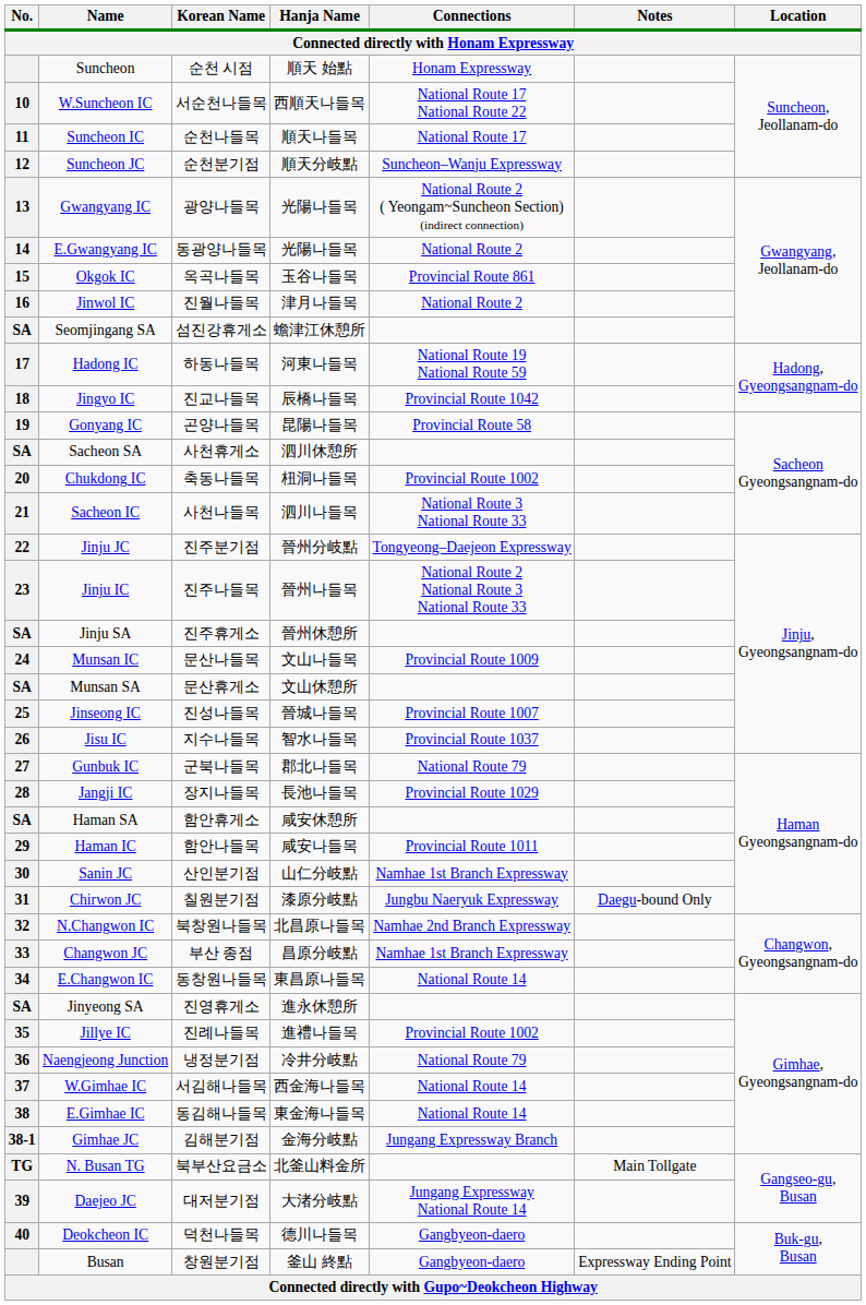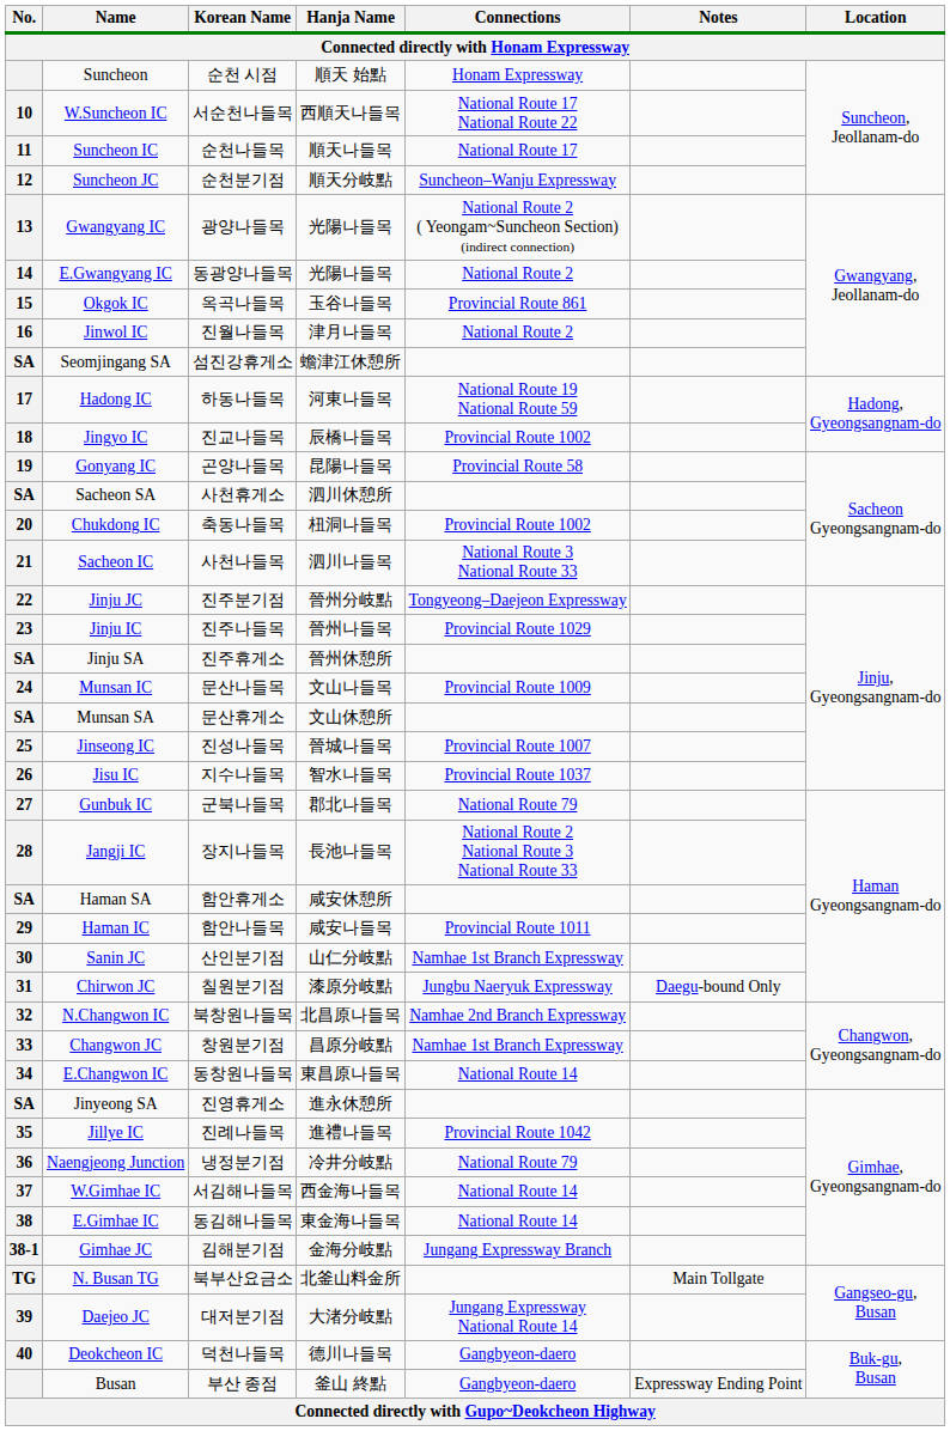 <table class="wikitable" style="font-size: 85%; text-align: center;">
 <tr style="border-bottom:solid 0.25em green;">
 <th>No.</th>
 <th>Name</th>
 <th>Korean Name</th>
 <th>Hanja Name</th>
 <th>Connections</th>
 <th>Notes</th>
 <th>Location</th>
 </tr>
 <tr>
 <th colspan="7">Connected directly with  <a href='#'>Honam Expressway</a></th>
 </tr>
 <tr>
 <th></th>
 <td>Suncheon</td>
 <td>순천 시점</td>
 <td>順天 始點</td>
 <td> <a href='#'>Honam Expressway</a></td>
 <td></td>
 <td rowspan="4"><a href='#'>Suncheon</a>,<br> Jeollanam-do</td>
 </tr>
 <tr>
 <th>10</th>
 <td><a href='#'>W.Suncheon IC</a></td>
 <td>서순천나들목</td>
 <td>西順天나들목</td>
 <td> <a href='#'>National Route 17</a><br> <a href='#'>National Route 22</a></td>
 <td></td>
 </tr>
 <tr>
 <th>11</th>
 <td><a href='#'>Suncheon IC</a></td>
 <td>순천나들목</td>
 <td>順天나들목</td>
 <td> <a href='#'>National Route 17</a></td>
 <td></td>
 </tr>
 <tr>
 <th>12</th>
 <td><a href='#'>Suncheon JC</a></td>
 <td>순천분기점</td>
 <td>順天分岐點</td>
 <td> <a href='#'>Suncheon–Wanju Expressway</a></td>
 <td></td>
 </tr>
 <tr>
 <th>13</th>
 <td><a href='#'>Gwangyang IC</a></td>
 <td>광양나들목</td>
 <td>光陽나들목</td>
 <td> <a href='#'>National Route 2</a><br>( Yeongam~Suncheon Section)<br><small>(indirect connection)</small></td>
 <td></td>
 <td rowspan="5"><a href='#'>Gwangyang</a>,<br>Jeollanam-do</td>
 </tr>
 <tr>
 <th>14</th>
 <td><a href='#'>E.Gwangyang IC</a></td>
 <td>동광양나들목</td>
 <td>光陽나들목</td>
 <td> <a href='#'>National Route 2</a></td>
 <td></td>
 </tr>
 <tr>
 <th>15</th>
 <td><a href='#'>Okgok IC</a></td>
 <td>옥곡나들목</td>
 <td>玉谷나들목</td>
 <td><a href='#'>Provincial Route 861</a></td>
 <td></td>
 </tr>
 <tr>
 <th>16</th>
 <td><a href='#'>Jinwol IC</a></td>
 <td>진월나들목</td>
 <td>津月나들목</td>
 <td> <a href='#'>National Route 2</a></td>
 <td></td>
 </tr>
 <tr>
 <th>SA</th>
 <td>Seomjingang SA</td>
 <td>섬진강휴게소</td>
 <td>蟾津江休憩所</td>
 <td></td>
 <td></td>
 </tr>
 <tr>
 <th>17</th>
 <td><a href='#'>Hadong IC</a></td>
 <td>하동나들목</td>
 <td>河東나들목</td>
 <td> <a href='#'>National Route 19</a><br> <a href='#'>National Route 59</a></td>
 <td></td>
 <td rowspan="2"><a href='#'>Hadong</a>,<br><a href='#'>Gyeongsangnam-do</a></td>
 </tr>
 <tr>
 <th>18</th>
 <td><a href='#'>Jingyo IC</a></td>
 <td>진교나들목</td>
 <td>辰橋나들목</td>
-<td><a href='#'>Provincial Route 1042</a></td>
+<td><a href='#'>Provincial Route 1002</a></td>
 <td></td>
 </tr>
 <tr>
 <th>19</th>
 <td><a href='#'>Gonyang IC</a></td>
 <td>곤양나들목</td>
 <td>昆陽나들목</td>
 <td><a href='#'>Provincial Route 58</a></td>
 <td></td>
 <td rowspan="4"><a href='#'>Sacheon</a><br>Gyeongsangnam-do</td>
 </tr>
 <tr>
 <th>SA</th>
 <td>Sacheon SA</td>
 <td>사천휴게소</td>
 <td>泗川休憩所</td>
 <td></td>
 <td></td>
 </tr>
 <tr>
 <th>20</th>
 <td><a href='#'>Chukdong IC</a></td>
 <td>축동나들목</td>
 <td>杻洞나들목</td>
 <td><a href='#'>Provincial Route 1002</a></td>
 <td></td>
 </tr>
 <tr>
 <th>21</th>
 <td><a href='#'>Sacheon IC</a></td>
 <td>사천나들목</td>
 <td>泗川나들목</td>
 <td> <a href='#'>National Route 3</a><br> <a href='#'>National Route 33</a></td>
 <td></td>
 </tr>
 <tr>
 <th>22</th>
 <td><a href='#'>Jinju JC</a></td>
 <td>진주분기점</td>
 <td>晉州分岐點</td>
 <td> <a href='#'>Tongyeong–Daejeon Expressway</a></td>
 <td></td>
 <td rowspan="7"><a href='#'>Jinju</a>,<br>Gyeongsangnam-do</td>
 </tr>
 <tr>
 <th>23</th>
 <td><a href='#'>Jinju IC</a></td>
 <td>진주나들목</td>
 <td>晉州나들목</td>
-<td> <a href='#'>National Route 2</a><br> <a href='#'>National Route 3</a><br> <a href='#'>National Route 33</a></td>
+<td><a href='#'>Provincial Route 1029</a></td>
 <td></td>
 </tr>
 <tr>
 <th>SA</th>
 <td>Jinju SA</td>
 <td>진주휴게소</td>
 <td>晉州休憩所</td>
 <td></td>
 <td></td>
 </tr>
 <tr>
 <th>24</th>
 <td><a href='#'>Munsan IC</a></td>
 <td>문산나들목</td>
 <td>文山나들목</td>
 <td><a href='#'>Provincial Route 1009</a></td>
 <td></td>
 </tr>
 <tr>
 <th>SA</th>
 <td>Munsan SA</td>
 <td>문산휴게소</td>
 <td>文山休憩所</td>
 <td></td>
 <td></td>
 </tr>
 <tr>
 <th>25</th>
 <td><a href='#'>Jinseong IC</a></td>
 <td>진성나들목</td>
 <td>晉城나들목</td>
 <td><a href='#'>Provincial Route 1007</a></td>
 <td></td>
 </tr>
 <tr>
 <th>26</th>
 <td><a href='#'>Jisu IC</a></td>
 <td>지수나들목</td>
 <td>智水나들목</td>
 <td><a href='#'>Provincial Route 1037</a></td>
 <td></td>
 </tr>
 <tr>
 <th>27</th>
 <td><a href='#'>Gunbuk IC</a></td>
 <td>군북나들목</td>
 <td>郡北나들목</td>
 <td> <a href='#'>National Route 79</a></td>
 <td></td>
 <td rowspan="6"><a href='#'>Haman</a><br>Gyeongsangnam-do</td>
 </tr>
 <tr>
 <th>28</th>
 <td><a href='#'>Jangji IC</a></td>
 <td>장지나들목</td>
 <td>長池나들목</td>
-<td><a href='#'>Provincial Route 1029</a></td>
+<td> <a href='#'>National Route 2</a><br> <a href='#'>National Route 3</a><br> <a href='#'>National Route 33</a></td>
 <td></td>
 </tr>
 <tr>
 <th>SA</th>
 <td>Haman SA</td>
 <td>함안휴게소</td>
 <td>咸安休憩所</td>
 <td></td>
 <td></td>
 </tr>
 <tr>
 <th>29</th>
 <td><a href='#'>Haman IC</a></td>
 <td>함안나들목</td>
 <td>咸安나들목</td>
 <td><a href='#'>Provincial Route 1011</a></td>
 <td></td>
 </tr>
 <tr>
 <th>30</th>
 <td><a href='#'>Sanin JC</a></td>
 <td>산인분기점</td>
 <td>山仁分岐點</td>
 <td> <a href='#'>Namhae 1st Branch Expressway</a></td>
 <td></td>
 </tr>
 <tr>
 <th>31</th>
 <td><a href='#'>Chirwon JC</a></td>
 <td>칠원분기점</td>
 <td>漆原分岐點</td>
 <td> <a href='#'>Jungbu Naeryuk Expressway</a></td>
 <td><a href='#'>Daegu</a>-bound Only</td>
 </tr>
 <tr>
 <th>32</th>
 <td><a href='#'>N.Changwon IC</a></td>
 <td>북창원나들목</td>
 <td>北昌原나들목</td>
 <td> <a href='#'>Namhae 2nd Branch Expressway</a></td>
 <td></td>
 <td rowspan="3"><a href='#'>Changwon</a>,<br>Gyeongsangnam-do</td>
 </tr>
 <tr>
 <th>33</th>
 <td><a href='#'>Changwon JC</a></td>
-<td>부산 종점</td>
+<td>창원분기점</td>
 <td>昌原分岐點</td>
 <td> <a href='#'>Namhae 1st Branch Expressway</a></td>
 <td></td>
 </tr>
 <tr>
 <th>34</th>
 <td><a href='#'>E.Changwon IC</a></td>
 <td>동창원나들목</td>
 <td>東昌原나들목</td>
 <td> <a href='#'>National Route 14</a></td>
 <td></td>
 </tr>
 <tr>
 <th>SA</th>
 <td>Jinyeong SA</td>
 <td>진영휴게소</td>
 <td>進永休憩所</td>
 <td></td>
 <td></td>
 <td rowspan="6"><a href='#'>Gimhae</a>,<br>Gyeongsangnam-do</td>
 </tr>
 <tr>
 <th>35</th>
 <td><a href='#'>Jillye IC</a></td>
 <td>진례나들목</td>
 <td>進禮나들목</td>
-<td><a href='#'>Provincial Route 1002</a></td>
+<td><a href='#'>Provincial Route 1042</a></td>
 <td></td>
 </tr>
 <tr>
 <th>36</th>
 <td><a href='#'>Naengjeong Junction</a></td>
 <td>냉정분기점</td>
 <td>冷井分岐點</td>
 <td> <a href='#'>National Route 79</a></td>
 <td></td>
 </tr>
 <tr>
 <th>37</th>
 <td><a href='#'>W.Gimhae IC</a></td>
 <td>서김해나들목</td>
 <td>西金海나들목</td>
 <td> <a href='#'>National Route 14</a></td>
 <td></td>
 </tr>
 <tr>
 <th>38</th>
 <td><a href='#'>E.Gimhae IC</a></td>
 <td>동김해나들목</td>
 <td>東金海나들목</td>
 <td> <a href='#'>National Route 14</a></td>
 <td></td>
 </tr>
 <tr>
 <th>38-1</th>
 <td><a href='#'>Gimhae JC</a></td>
 <td>김해분기점</td>
 <td>金海分岐點</td>
 <td> <a href='#'>Jungang Expressway Branch</a></td>
 <td></td>
 </tr>
 <tr>
 <th>TG</th>
 <td><a href='#'>N. Busan TG</a></td>
 <td>북부산요금소</td>
 <td>北釜山料金所</td>
 <td></td>
 <td>Main Tollgate</td>
 <td rowspan="2"><a href='#'>Gangseo-gu</a>,<br><a href='#'>Busan</a></td>
 </tr>
 <tr>
 <th>39</th>
 <td><a href='#'>Daejeo JC</a></td>
 <td>대저분기점</td>
 <td>大渚分岐點</td>
 <td> <a href='#'>Jungang Expressway</a><br> <a href='#'>National Route 14</a></td>
 <td></td>
 </tr>
 <tr>
 <th>40</th>
 <td><a href='#'>Deokcheon IC</a></td>
 <td>덕천나들목</td>
 <td>德川나들목</td>
 <td> <a href='#'>Gangbyeon-daero</a></td>
 <td></td>
 <td rowspan="2"><a href='#'>Buk-gu</a>,<br><a href='#'>Busan</a></td>
 </tr>
 <tr>
 <th></th>
 <td>Busan</td>
-<td>창원분기점</td>
+<td>부산 종점</td>
 <td>釜山 終點</td>
 <td> <a href='#'>Gangbyeon-daero</a></td>
 <td>Expressway Ending Point</td>
 </tr>
 <tr>
 <th colspan="7">Connected directly with  <a href='#'>Gupo~Deokcheon Highway</a></th>
 </tr>
 </table>
